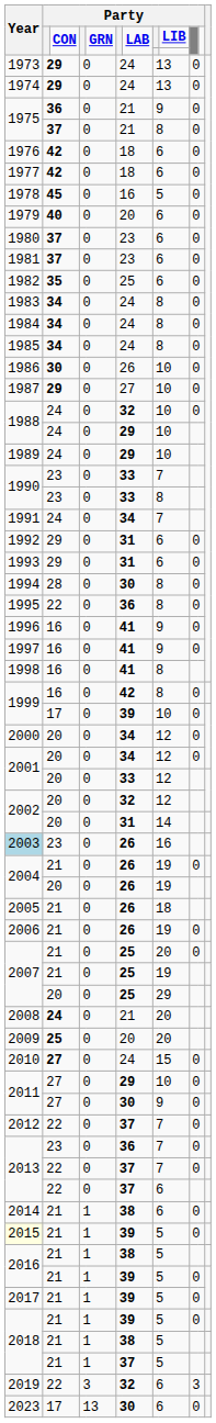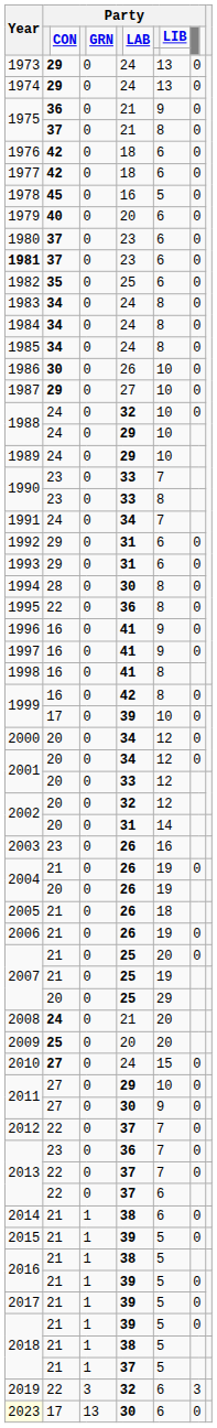 <table class="wikitable">
 <tr>
 <th rowspan=3>Year</th>
 <th colspan=10>Party</th>
 <th rowspan=3></th>
 </tr>
 <tr>
 <th rowspan=2 style="background-color: "></th>
 <td align="center" rowspan=2><a href='#'><strong>CON</strong></a></td>
 <th rowspan=2 style="background-color: "></th>
 <td align="center" rowspan=2><a href='#'><strong>GRN</strong></a></td>
 <th rowspan=2 style="background-color: "></th>
 <td align="center" rowspan=2><a href='#'><strong>LAB</strong></a></td>
 <th style="background-color: "></th>
 <td align="center"><a href='#'><strong>LIB</strong></a></td>
 <th rowspan=2 style="background-color: grey; width: 3px;"></th>
 <td align="center" rowspan=2></td>
 </tr>
 <tr>
 <th style="background-color: "></th>
 <td align="center"><a href='#'></a></td>
 </tr>
 <tr>
 <td>1973</td>
 <td colspan=2><strong>29</strong></td>
 <td colspan=2>0</td>
 <td colspan=2>24</td>
 <td colspan=2>13</td>
 <td colspan=2>0</td>
 <td align="center" rowspan=29></td>
 </tr>
 <tr>
 <td>1974</td>
 <td colspan=2><strong>29</strong></td>
 <td colspan=2>0</td>
 <td colspan=2>24</td>
 <td colspan=2>13</td>
 <td colspan=2>0</td>
 </tr>
 <tr>
 <td rowspan=2>1975</td>
 <td colspan=2><strong>36</strong></td>
 <td colspan=2>0</td>
 <td colspan=2>21</td>
 <td colspan=2>9</td>
 <td colspan=2>0</td>
 </tr>
 <tr>
 <td colspan=2><strong>37</strong></td>
 <td colspan=2>0</td>
 <td colspan=2>21</td>
 <td colspan=2>8</td>
 <td colspan=2>0</td>
 </tr>
 <tr>
 <td>1976</td>
 <td colspan=2><strong>42</strong></td>
 <td colspan=2>0</td>
 <td colspan=2>18</td>
 <td colspan=2>6</td>
 <td colspan=2>0</td>
 </tr>
 <tr>
 <td>1977</td>
 <td colspan=2><strong>42</strong></td>
 <td colspan=2>0</td>
 <td colspan=2>18</td>
 <td colspan=2>6</td>
 <td colspan=2>0</td>
 </tr>
 <tr>
 <td>1978</td>
 <td colspan=2><strong>45</strong></td>
 <td colspan=2>0</td>
 <td colspan=2>16</td>
 <td colspan=2>5</td>
 <td colspan=2>0</td>
 </tr>
 <tr>
 <td>1979</td>
 <td colspan=2><strong>40</strong></td>
 <td colspan=2>0</td>
 <td colspan=2>20</td>
 <td colspan=2>6</td>
 <td colspan=2>0</td>
 </tr>
 <tr>
 <td>1980</td>
 <td colspan=2><strong>37</strong></td>
 <td colspan=2>0</td>
 <td colspan=2>23</td>
 <td colspan=2>6</td>
 <td colspan=2>0</td>
 </tr>
 <tr>
-<td>1981</td>
+<td><strong>1981</strong></td>
 <td colspan=2><strong>37</strong></td>
 <td colspan=2>0</td>
 <td colspan=2>23</td>
 <td colspan=2>6</td>
 <td colspan=2>0</td>
 </tr>
 <tr>
 <td>1982</td>
 <td colspan=2><strong>35</strong></td>
 <td colspan=2>0</td>
 <td colspan=2>25</td>
 <td colspan=2>6</td>
 <td colspan=2>0</td>
 </tr>
 <tr>
 <td>1983</td>
 <td colspan=2><strong>34</strong></td>
 <td colspan=2>0</td>
 <td colspan=2>24</td>
 <td colspan=2>8</td>
 <td colspan=2>0</td>
 </tr>
 <tr>
 <td>1984</td>
 <td colspan=2><strong>34</strong></td>
 <td colspan=2>0</td>
 <td colspan=2>24</td>
 <td colspan=2>8</td>
 <td colspan=2>0</td>
 </tr>
 <tr>
 <td>1985</td>
 <td colspan=2><strong>34</strong></td>
 <td colspan=2>0</td>
 <td colspan=2>24</td>
 <td colspan=2>8</td>
 <td colspan=2>0</td>
 </tr>
 <tr>
 <td>1986</td>
 <td colspan=2><strong>30</strong></td>
 <td colspan=2>0</td>
 <td colspan=2>26</td>
 <td colspan=2>10</td>
 <td colspan=2>0</td>
 </tr>
 <tr>
 <td>1987</td>
 <td colspan=2><strong>29</strong></td>
 <td colspan=2>0</td>
 <td colspan=2>27</td>
 <td colspan=2>10</td>
 <td colspan=2>0</td>
 </tr>
 <tr>
 <td rowspan=2>1988</td>
 <td colspan=2>24</td>
 <td colspan=2>0</td>
 <td colspan=2><strong>32</strong></td>
 <td colspan=2>10</td>
 <td colspan=2>0</td>
 </tr>
 <tr>
 <td colspan=2>24</td>
 <td colspan=2>0</td>
 <td colspan=2><strong>29</strong></td>
 <td colspan=2>10</td>
 <td colspan=2></td>
 </tr>
 <tr>
 <td>1989</td>
 <td colspan=2>24</td>
 <td colspan=2>0</td>
 <td colspan=2><strong>29</strong></td>
 <td colspan=2>10</td>
 <td colspan=2></td>
 </tr>
 <tr>
 <td rowspan=2>1990</td>
 <td colspan=2>23</td>
 <td colspan=2>0</td>
 <td colspan=2><strong>33</strong></td>
 <td colspan=2>7</td>
 <td colspan=2></td>
 </tr>
 <tr>
 <td colspan=2>23</td>
 <td colspan=2>0</td>
 <td colspan=2><strong>33</strong></td>
 <td colspan=2>8</td>
 <td colspan=2></td>
 </tr>
 <tr>
 <td>1991</td>
 <td colspan=2>24</td>
 <td colspan=2>0</td>
 <td colspan=2><strong>34</strong></td>
 <td colspan=2>7</td>
 <td colspan=2></td>
 </tr>
 <tr>
 <td>1992</td>
 <td colspan=2>29</td>
 <td colspan=2>0</td>
 <td colspan=2><strong>31</strong></td>
 <td colspan=2>6</td>
 <td colspan=2>0</td>
 </tr>
 <tr>
 <td>1993</td>
 <td colspan=2>29</td>
 <td colspan=2>0</td>
 <td colspan=2><strong>31</strong></td>
 <td colspan=2>6</td>
 <td colspan=2>0</td>
 </tr>
 <tr>
 <td>1994</td>
 <td colspan=2>28</td>
 <td colspan=2>0</td>
 <td colspan=2><strong>30</strong></td>
 <td colspan=2>8</td>
 <td colspan=2>0</td>
 </tr>
 <tr>
 <td>1995</td>
 <td colspan=2>22</td>
 <td colspan=2>0</td>
 <td colspan=2><strong>36</strong></td>
 <td colspan=2>8</td>
 <td colspan=2>0</td>
 </tr>
 <tr>
 <td>1996</td>
 <td colspan=2>16</td>
 <td colspan=2>0</td>
 <td colspan=2><strong>41</strong></td>
 <td colspan=2>9</td>
 <td colspan=2>0</td>
 </tr>
 <tr>
 <td>1997</td>
 <td colspan=2>16</td>
 <td colspan=2>0</td>
 <td colspan=2><strong>41</strong></td>
 <td colspan=2>9</td>
 <td colspan=2>0</td>
 </tr>
 <tr>
 <td>1998</td>
 <td colspan=2>16</td>
 <td colspan=2>0</td>
 <td colspan=2><strong>41</strong></td>
 <td colspan=2>8</td>
 <td colspan=2></td>
 </tr>
 <tr>
 <td rowspan=2>1999</td>
 <td colspan=2>16</td>
 <td colspan=2>0</td>
 <td colspan=2><strong>42</strong></td>
 <td colspan=2>8</td>
 <td colspan=2>0</td>
 <td align="center"></td>
 </tr>
 <tr>
 <td colspan=2>17</td>
 <td colspan=2>0</td>
 <td colspan=2><strong>39</strong></td>
 <td colspan=2>10</td>
 <td colspan=2>0</td>
 <td align =" center"rowspan=3></td>
 </tr>
 <tr>
 <td>2000</td>
 <td colspan=2>20</td>
 <td colspan=2>0</td>
 <td colspan=2><strong>34</strong></td>
 <td colspan=2>12</td>
 <td colspan=2>0</td>
 </tr>
 <tr>
 <td rowspan=2>2001</td>
 <td colspan=2>20</td>
 <td colspan=2>0</td>
 <td colspan=2><strong>34</strong></td>
 <td colspan=2>12</td>
 <td colspan=2>0</td>
 </tr>
 <tr>
 <td colspan=2>20</td>
 <td colspan=2>0</td>
 <td colspan=2><strong>33</strong></td>
 <td colspan=2>12</td>
 <td colspan=2></td>
 <td align="center" rowspan=2></td>
 </tr>
 <tr>
 <td rowspan=2>2002</td>
 <td colspan=2>20</td>
 <td colspan=2>0</td>
 <td colspan=2><strong>32</strong></td>
 <td colspan=2>12</td>
 <td colspan=2></td>
 </tr>
 <tr>
 <td colspan=2>20</td>
 <td colspan=2>0</td>
 <td colspan=2><strong>31</strong></td>
 <td colspan=2>14</td>
 <td colspan=2></td>
 <td align="center"></td>
 </tr>
 <tr>
-<td style="background: lightblue;">2003</td>
+<td>2003</td>
 <td colspan=2>23</td>
 <td colspan=2>0</td>
 <td colspan=2><strong>26</strong></td>
 <td colspan=2>16</td>
 <td colspan=2></td>
 <td align="center"></td>
 </tr>
 <tr>
 <td rowspan=2>2004</td>
 <td colspan=2>21</td>
 <td colspan=2>0</td>
 <td colspan=2><strong>26</strong></td>
 <td colspan=2>19</td>
 <td colspan=2>0</td>
 <td align="center"></td>
 </tr>
 <tr>
 <td colspan=2>20</td>
 <td colspan=2>0</td>
 <td colspan=2><strong>26</strong></td>
 <td colspan=2>19</td>
 <td colspan=2></td>
 <td align="center"></td>
 </tr>
 <tr>
 <td>2005</td>
 <td colspan=2>21</td>
 <td colspan=2>0</td>
 <td colspan=2><strong>26</strong></td>
 <td colspan=2>18</td>
 <td colspan=2></td>
 <td align="center"></td>
 </tr>
 <tr>
 <td>2006</td>
 <td colspan=2>21</td>
 <td colspan=2>0</td>
 <td colspan=2><strong>26</strong></td>
 <td colspan=2>19</td>
 <td colspan=2>0</td>
 <td align="center"></td>
 </tr>
 <tr>
 <td rowspan=3>2007</td>
 <td colspan=2>21</td>
 <td colspan=2>0</td>
 <td colspan=2><strong>25</strong></td>
 <td colspan=2>20</td>
 <td colspan=2>0</td>
 <td align="center"></td>
 </tr>
 <tr>
 <td colspan=2>21</td>
 <td colspan=2>0</td>
 <td colspan=2><strong>25</strong></td>
 <td colspan=2>19</td>
 <td colspan=2></td>
 <td align="center"></td>
 </tr>
 <tr>
 <td colspan=2>20</td>
 <td colspan=2>0</td>
 <td colspan=2><strong>25</strong></td>
 <td colspan=2>29</td>
 <td colspan=2></td>
 <td align="center"></td>
 </tr>
 <tr>
 <td>2008</td>
 <td colspan=2><strong>24</strong></td>
 <td colspan=2>0</td>
 <td colspan=2>21</td>
 <td colspan=2>20</td>
 <td colspan=2></td>
 <td align="center"></td>
 </tr>
 <tr>
 <td>2009</td>
 <td colspan=2><strong>25</strong></td>
 <td colspan=2>0</td>
 <td colspan=2>20</td>
 <td colspan=2>20</td>
 <td colspan=2></td>
 <td align="center"></td>
 </tr>
 <tr>
 <td>2010</td>
 <td colspan=2><strong>27</strong></td>
 <td colspan=2>0</td>
 <td colspan=2>24</td>
 <td colspan=2>15</td>
 <td colspan=2>0</td>
 <td align="center"></td>
 </tr>
 <tr>
 <td rowspan=2>2011</td>
 <td colspan=2>27</td>
 <td colspan=2>0</td>
 <td colspan=2><strong>29</strong></td>
 <td colspan=2>10</td>
 <td colspan=2>0</td>
 <td align="center"></td>
 </tr>
 <tr>
 <td colspan=2>27</td>
 <td colspan=2>0</td>
 <td colspan=2><strong>30</strong></td>
 <td colspan=2>9</td>
 <td colspan=2>0</td>
 <td align="center"></td>
 </tr>
 <tr>
 <td>2012</td>
 <td colspan=2>22</td>
 <td colspan=2>0</td>
 <td colspan=2><strong>37</strong></td>
 <td colspan=2>7</td>
 <td colspan=2>0</td>
 <td align="center"></td>
 </tr>
 <tr>
 <td rowspan=3>2013</td>
 <td colspan=2>23</td>
 <td colspan=2>0</td>
 <td colspan=2><strong>36</strong></td>
 <td colspan=2>7</td>
 <td colspan=2>0</td>
 <td align="center"></td>
 </tr>
 <tr>
 <td colspan=2>22</td>
 <td colspan=2>0</td>
 <td colspan=2><strong>37</strong></td>
 <td colspan=2>7</td>
 <td colspan=2>0</td>
 <td align="center"></td>
 </tr>
 <tr>
 <td colspan=2>22</td>
 <td colspan=2>0</td>
 <td colspan=2><strong>37</strong></td>
 <td colspan=2>6</td>
 <td colspan=2></td>
 <td align="center"></td>
 </tr>
 <tr>
 <td>2014</td>
 <td colspan=2>21</td>
 <td colspan=2>1</td>
 <td colspan=2><strong>38</strong></td>
 <td colspan=2>6</td>
 <td colspan=2>0</td>
 <td align="center"></td>
 </tr>
 <tr>
-<td style="background: lightyellow;">2015</td>
+<td>2015</td>
 <td colspan=2>21</td>
 <td colspan=2>1</td>
 <td colspan=2><strong>39</strong></td>
 <td colspan=2>5</td>
 <td colspan=2>0</td>
 <td align="center"></td>
 </tr>
 <tr>
 <td rowspan=2>2016</td>
 <td colspan=2>21</td>
 <td colspan=2>1</td>
 <td colspan=2><strong>38</strong></td>
 <td colspan=2>5</td>
 <td colspan=2></td>
 <td align="center"></td>
 </tr>
 <tr>
 <td colspan=2>21</td>
 <td colspan=2>1</td>
 <td colspan=2><strong>39</strong></td>
 <td colspan=2>5</td>
 <td colspan=2>0</td>
 <td align="center" rowspan=2></td>
 </tr>
 <tr>
 <td>2017</td>
 <td colspan=2>21</td>
 <td colspan=2>1</td>
 <td colspan=2><strong>39</strong></td>
 <td colspan=2>5</td>
 <td colspan=2>0</td>
 </tr>
 <tr>
 <td rowspan=3>2018</td>
 <td colspan=2>21</td>
 <td colspan=2>1</td>
 <td colspan=2><strong>39</strong></td>
 <td colspan=2>5</td>
 <td colspan=2>0</td>
 <td align="center"></td>
 </tr>
 <tr>
 <td colspan=2>21</td>
 <td colspan=2>1</td>
 <td colspan=2><strong>38</strong></td>
 <td colspan=2>5</td>
 <td colspan=2></td>
 <td align="center"></td>
 </tr>
 <tr>
 <td colspan=2>21</td>
 <td colspan=2>1</td>
 <td colspan=2><strong>37</strong></td>
 <td colspan=2>5</td>
 <td colspan=2></td>
 <td align="center"></td>
 </tr>
 <tr>
 <td>2019</td>
 <td colspan=2>22</td>
 <td colspan=2>3</td>
 <td colspan=2><strong>32</strong></td>
 <td colspan=2>6</td>
 <td colspan=2>3</td>
 <td align="center"></td>
 </tr>
 <tr>
-<td>2023</td>
+<td style="background: lightyellow;">2023</td>
 <td colspan=2>17</td>
 <td colspan=2>13</td>
 <td colspan=2><strong>30</strong></td>
 <td colspan=2>6</td>
 <td colspan=2>0</td>
 <td align="center"></td>
 </tr>
 </table>
